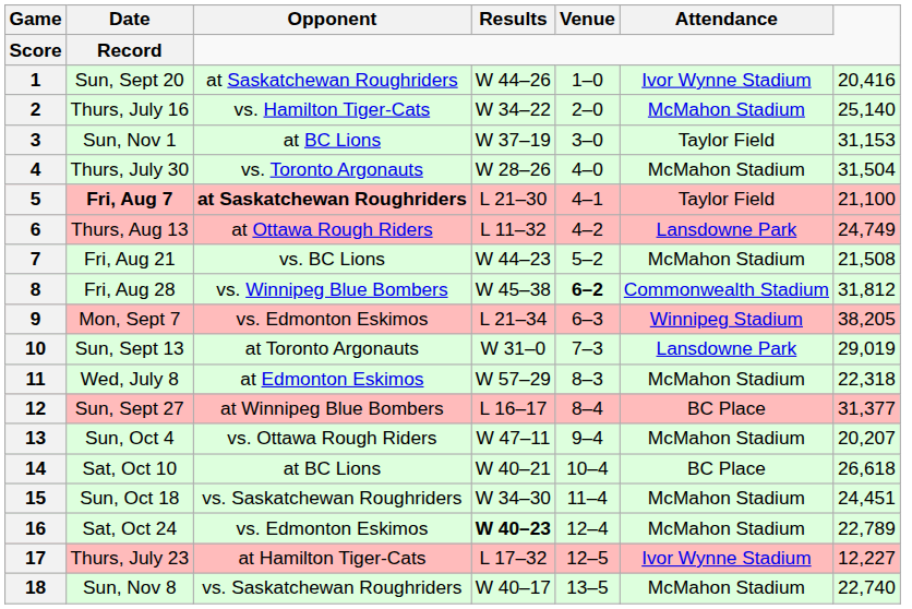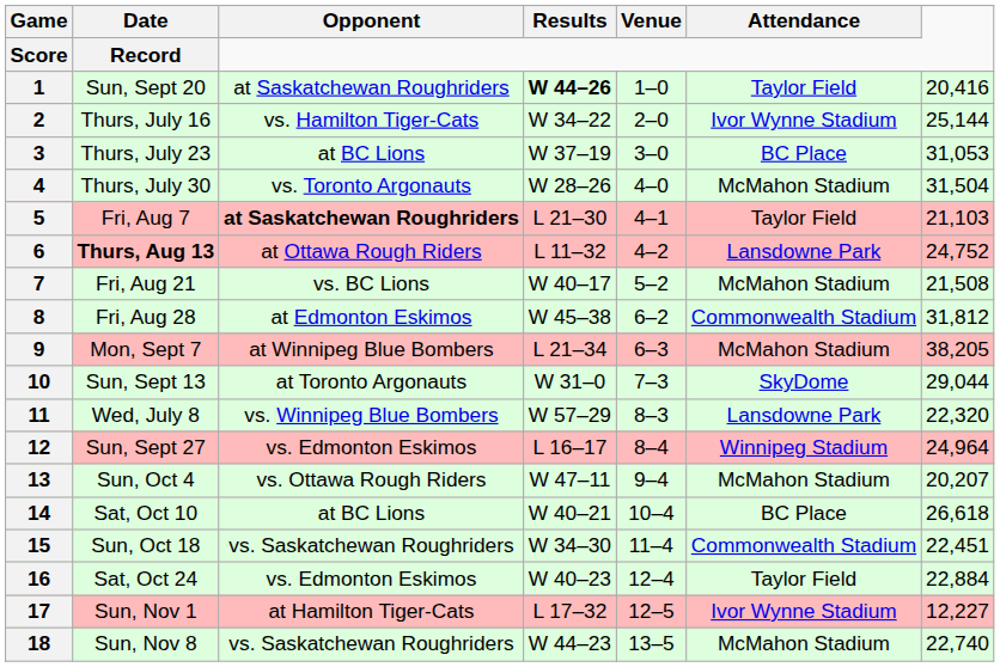 <table class="wikitable" style="text-align:center">
 <tr>
 <th>Game</th>
 <th>Date</th>
 <th>Opponent</th>
 <th>Results</th>
 <th>Venue</th>
 <th>Attendance</th>
 </tr>
 <tr>
 <th>Score</th>
 <th>Record</th>
 </tr>
 <tr style="background:#ddffdd">
 <th>1</th>
 <td>Sun, Sept 20</td>
 <td>at <a href='#'>Saskatchewan Roughriders</a></td>
-<td>W 44–26</td>
+<td><strong>W 44–26</strong></td>
 <td>1–0</td>
-<td><a href='#'>Ivor Wynne Stadium</a></td>
+<td><a href='#'>Taylor Field</a></td>
 <td>20,416</td>
 </tr>
 <tr style="background:#ddffdd">
 <th>2</th>
 <td>Thurs, July 16</td>
 <td>vs. <a href='#'>Hamilton Tiger-Cats</a></td>
 <td>W 34–22</td>
 <td>2–0</td>
-<td><a href='#'>McMahon Stadium</a></td>
-<td>25,140</td>
+<td><a href='#'>Ivor Wynne Stadium</a></td>
+<td>25,144</td>
 </tr>
 <tr style="background:#ddffdd">
 <th>3</th>
-<td>Sun, Nov 1</td>
+<td>Thurs, July 23</td>
 <td>at <a href='#'>BC Lions</a></td>
 <td>W 37–19</td>
 <td>3–0</td>
-<td>Taylor Field</td>
-<td>31,153</td>
+<td><a href='#'>BC Place</a></td>
+<td>31,053</td>
 </tr>
 <tr style="background:#ddffdd">
 <th>4</th>
 <td>Thurs, July 30</td>
 <td>vs. <a href='#'>Toronto Argonauts</a></td>
 <td>W 28–26</td>
 <td>4–0</td>
 <td>McMahon Stadium</td>
 <td>31,504</td>
 </tr>
 <tr style="background:#ffbbbb">
 <th>5</th>
-<td><strong>Fri, Aug 7</strong></td>
+<td>Fri, Aug 7</td>
 <td><strong>at Saskatchewan Roughriders</strong></td>
 <td>L 21–30</td>
 <td>4–1</td>
 <td>Taylor Field</td>
-<td>21,100</td>
+<td>21,103</td>
 </tr>
 <tr style="background:#ffbbbb">
 <th>6</th>
-<td>Thurs, Aug 13</td>
+<td><strong>Thurs, Aug 13</strong></td>
 <td>at <a href='#'>Ottawa Rough Riders</a></td>
 <td>L 11–32</td>
 <td>4–2</td>
 <td><a href='#'>Lansdowne Park</a></td>
-<td>24,749</td>
+<td>24,752</td>
 </tr>
 <tr style="background:#ddffdd">
 <th>7</th>
 <td>Fri, Aug 21</td>
 <td>vs. BC Lions</td>
-<td>W 44–23</td>
+<td>W 40–17</td>
 <td>5–2</td>
 <td>McMahon Stadium</td>
 <td>21,508</td>
 </tr>
 <tr style="background:#ddffdd">
 <th>8</th>
 <td>Fri, Aug 28</td>
-<td>vs. <a href='#'>Winnipeg Blue Bombers</a></td>
+<td>at <a href='#'>Edmonton Eskimos</a></td>
 <td>W 45–38 </td>
-<td><strong>6–2</strong></td>
+<td>6–2</td>
 <td><a href='#'>Commonwealth Stadium</a></td>
 <td>31,812</td>
 </tr>
 <tr style="background:#ffbbbb">
 <th>9</th>
 <td>Mon, Sept 7</td>
-<td>vs. Edmonton Eskimos</td>
+<td>at Winnipeg Blue Bombers</td>
 <td>L 21–34</td>
 <td>6–3</td>
-<td><a href='#'>Winnipeg Stadium</a></td>
+<td>McMahon Stadium</td>
 <td>38,205</td>
 </tr>
 <tr style="background:#ddffdd">
 <th>10</th>
 <td>Sun, Sept 13</td>
 <td>at Toronto Argonauts</td>
 <td>W 31–0</td>
 <td>7–3</td>
-<td><a href='#'>Lansdowne Park</a></td>
-<td>29,019</td>
+<td><a href='#'>SkyDome</a></td>
+<td>29,044</td>
 </tr>
 <tr style="background:#ddffdd">
 <th>11</th>
 <td>Wed, July 8</td>
-<td>at <a href='#'>Edmonton Eskimos</a></td>
+<td>vs. <a href='#'>Winnipeg Blue Bombers</a></td>
 <td>W 57–29</td>
 <td>8–3</td>
-<td>McMahon Stadium</td>
-<td>22,318</td>
+<td><a href='#'>Lansdowne Park</a></td>
+<td>22,320</td>
 </tr>
 <tr style="background:#ffbbbb">
 <th>12</th>
 <td>Sun, Sept 27</td>
-<td>at Winnipeg Blue Bombers</td>
+<td>vs. Edmonton Eskimos</td>
 <td>L 16–17</td>
 <td>8–4</td>
-<td>BC Place</td>
-<td>31,377</td>
+<td><a href='#'>Winnipeg Stadium</a></td>
+<td>24,964</td>
 </tr>
 <tr style="background:#ddffdd">
 <th>13</th>
 <td>Sun, Oct 4</td>
 <td>vs. Ottawa Rough Riders</td>
 <td>W 47–11</td>
 <td>9–4</td>
 <td>McMahon Stadium</td>
 <td>20,207</td>
 </tr>
 <tr style="background:#ddffdd">
 <th>14</th>
 <td>Sat, Oct 10</td>
 <td>at BC Lions</td>
 <td>W 40–21</td>
 <td>10–4</td>
 <td>BC Place</td>
 <td>26,618</td>
 </tr>
 <tr style="background:#ddffdd">
 <th>15</th>
 <td>Sun, Oct 18</td>
 <td>vs. Saskatchewan Roughriders</td>
 <td>W 34–30</td>
 <td>11–4</td>
-<td>McMahon Stadium</td>
-<td>24,451</td>
+<td><a href='#'>Commonwealth Stadium</a></td>
+<td>22,451</td>
 </tr>
 <tr style="background:#ddffdd">
 <th>16</th>
 <td>Sat, Oct 24</td>
 <td>vs. Edmonton Eskimos</td>
-<td><strong>W 40–23</strong></td>
+<td>W 40–23</td>
 <td>12–4</td>
-<td>McMahon Stadium</td>
-<td>22,789</td>
+<td>Taylor Field</td>
+<td>22,884</td>
 </tr>
 <tr style="background:#ffbbbb">
 <th>17</th>
-<td>Thurs, July 23</td>
+<td>Sun, Nov 1</td>
 <td>at Hamilton Tiger-Cats</td>
 <td>L 17–32</td>
 <td>12–5</td>
 <td><a href='#'>Ivor Wynne Stadium</a></td>
 <td>12,227</td>
 </tr>
 <tr style="background:#ddffdd">
 <th>18</th>
 <td>Sun, Nov 8</td>
 <td>vs. Saskatchewan Roughriders</td>
-<td>W 40–17</td>
+<td>W 44–23</td>
 <td>13–5</td>
 <td>McMahon Stadium</td>
 <td>22,740</td>
 </tr>
 </table>
